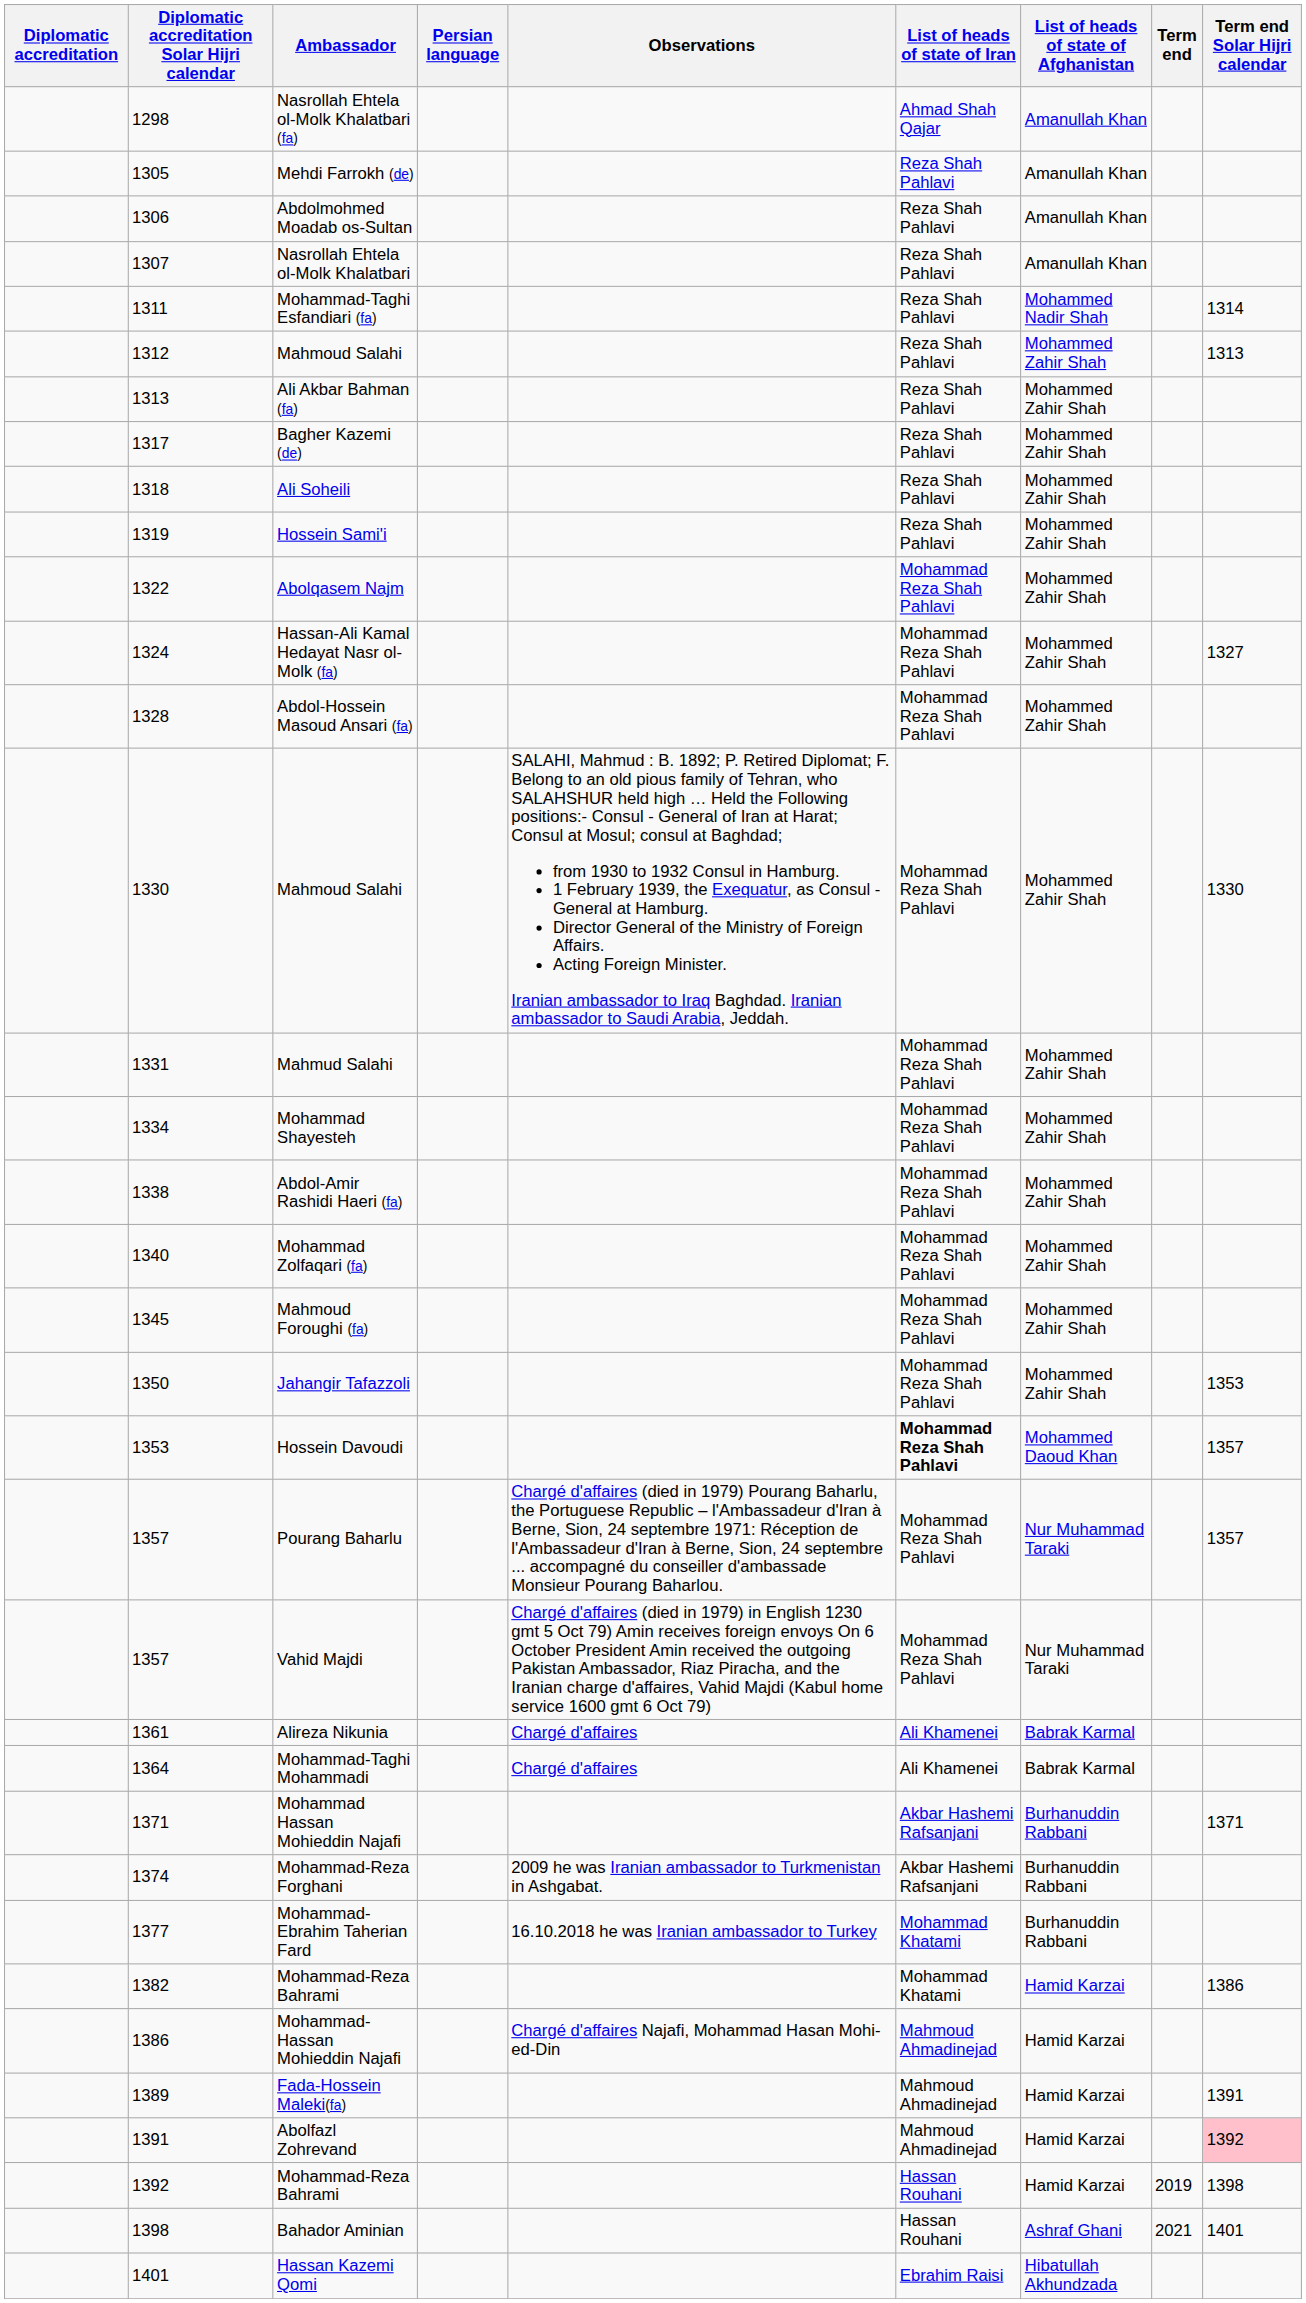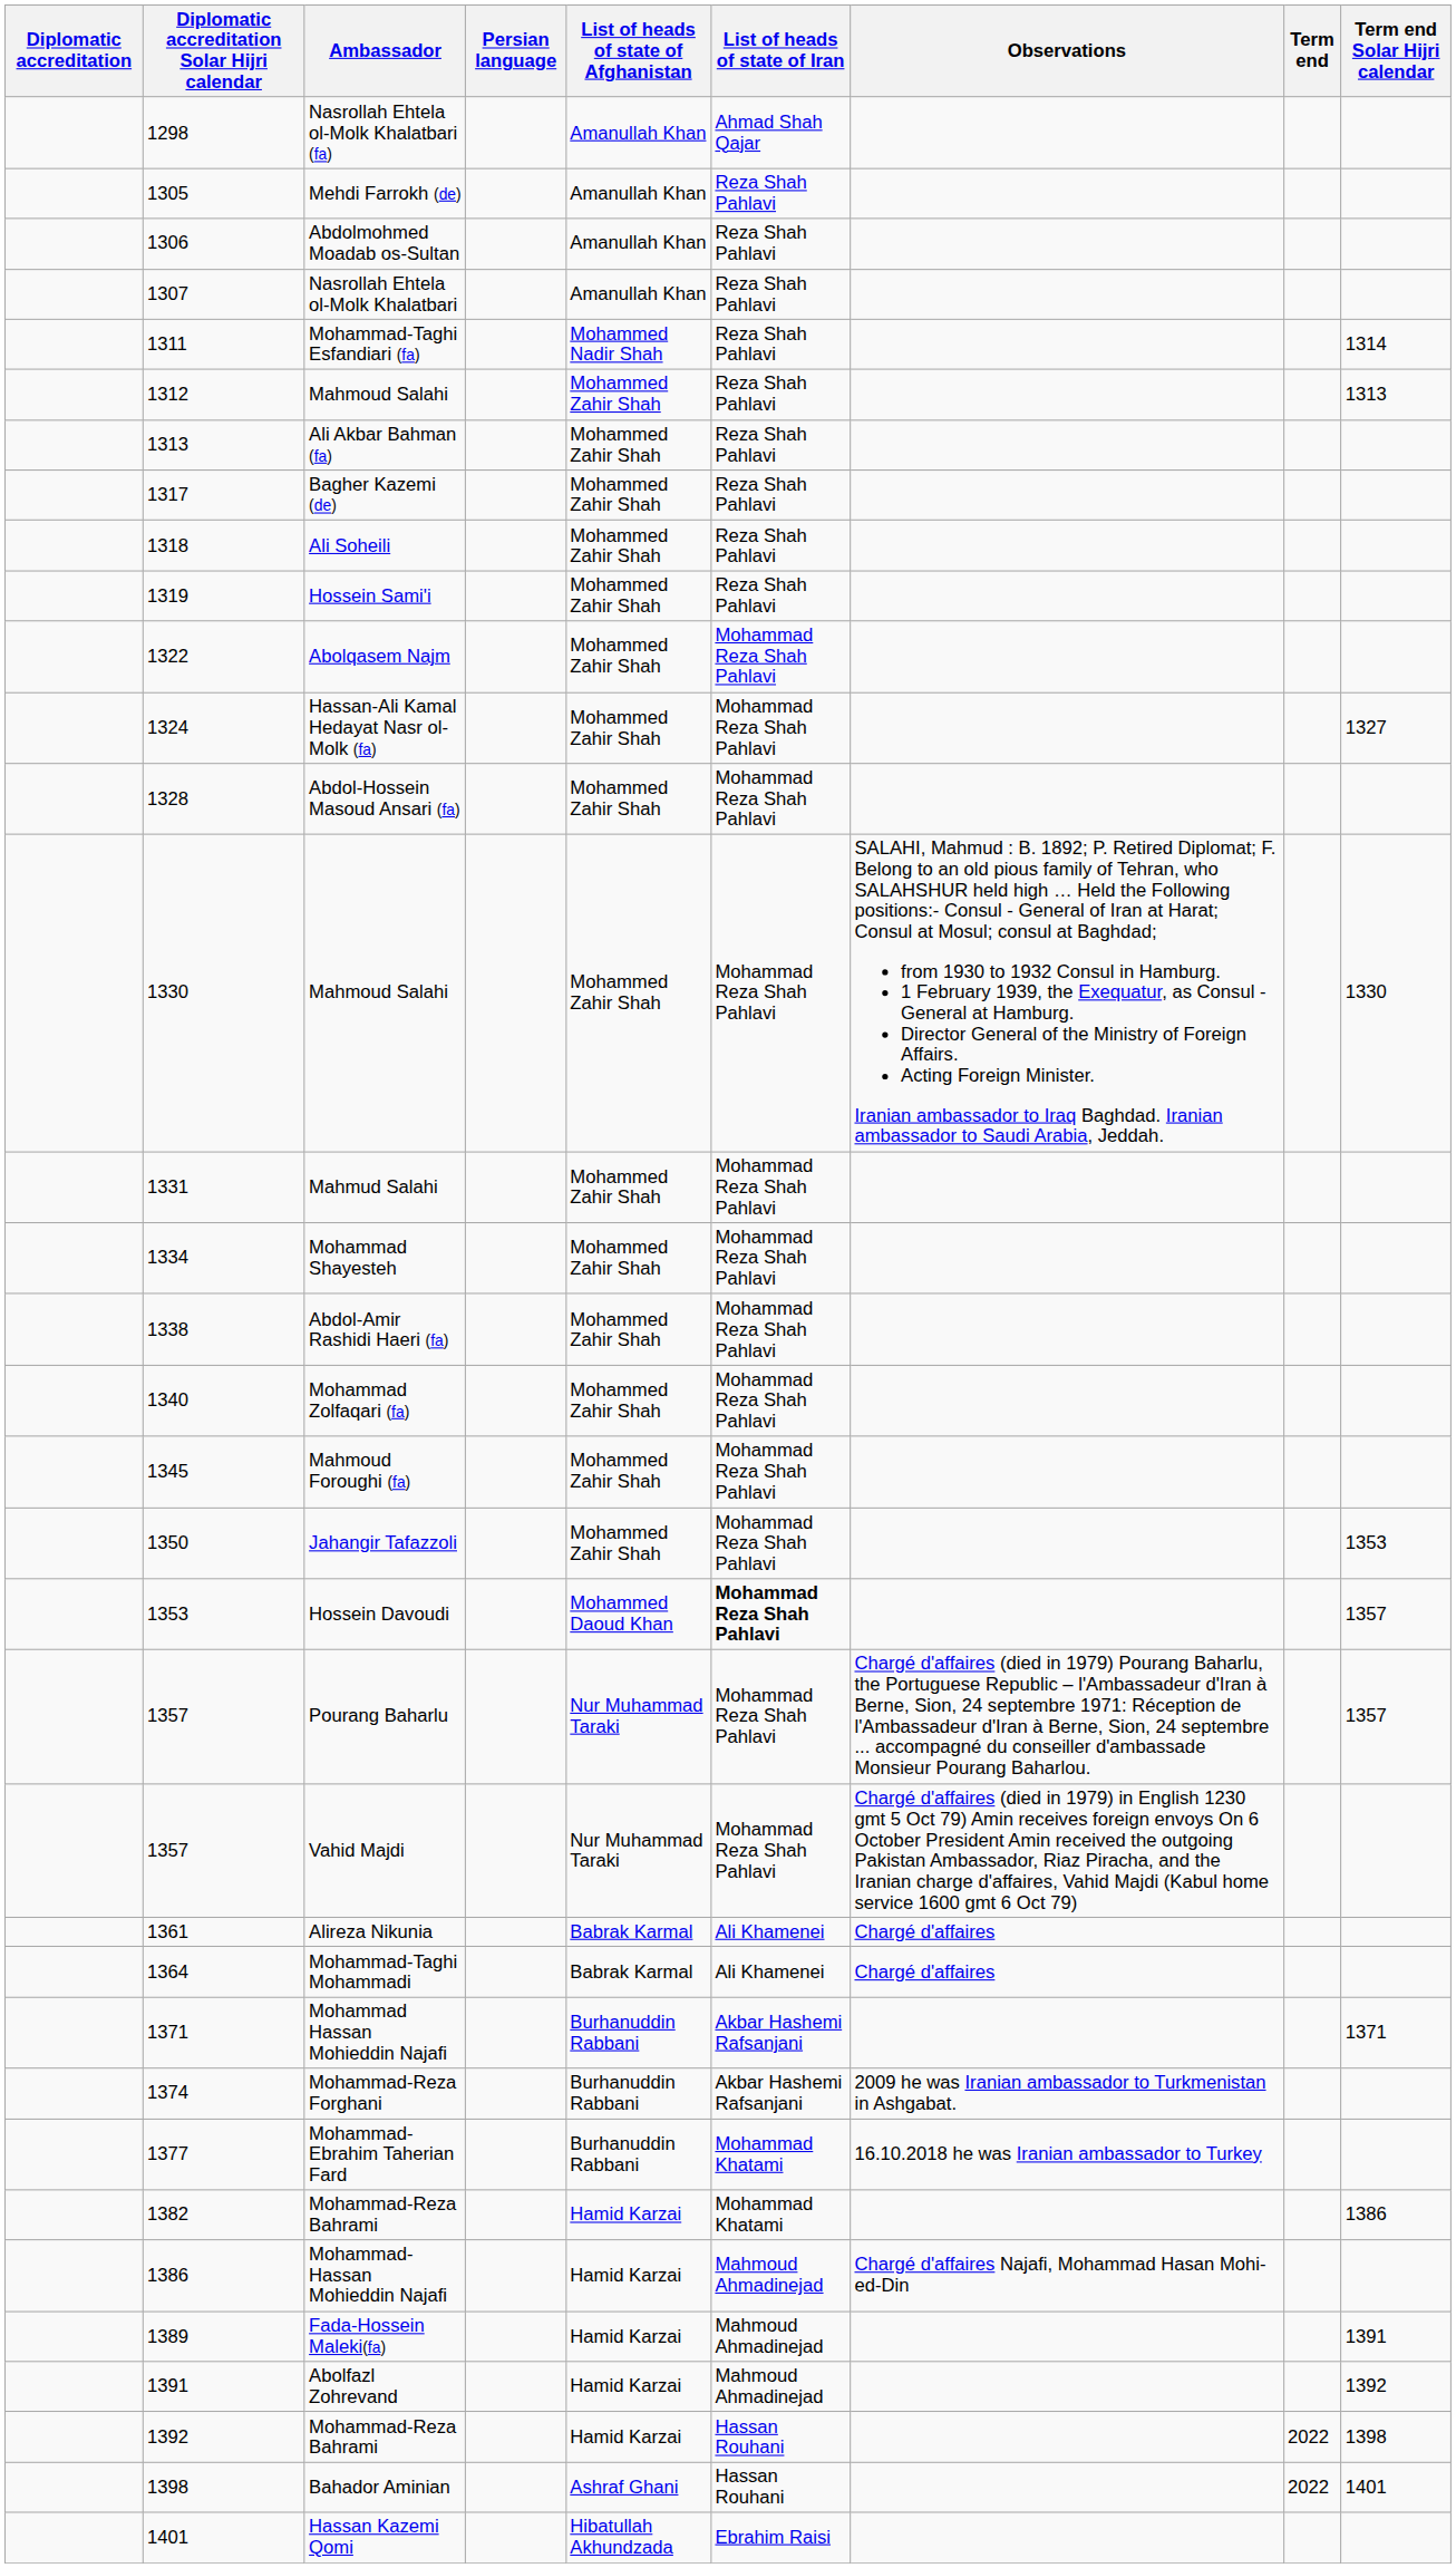 <table class="wikitable sortable">
 <tr>
 <th><a href='#'>Diplomatic accreditation</a></th>
 <th><a href='#'>Diplomatic accreditation</a> <a href='#'>Solar Hijri calendar</a></th>
 <th><a href='#'>Ambassador</a></th>
 <th><a href='#'>Persian language</a></th>
+<th><a href='#'>List of heads of state of Afghanistan</a></th>
+<th><a href='#'>List of heads of state of Iran</a></th>
 <th>Observations</th>
-<th><a href='#'>List of heads of state of Iran</a></th>
-<th><a href='#'>List of heads of state of Afghanistan</a></th>
 <th>Term end</th>
 <th>Term end <a href='#'>Solar Hijri calendar</a></th>
 </tr>
 <tr>
 <td></td>
 <td>1298</td>
 <td>Nasrollah Ehtela ol-Molk Khalatbari <small>(<a href='#'>fa</a>)</small></td>
 <td></td>
+<td><a href='#'>Amanullah Khan</a></td>
+<td><a href='#'>Ahmad Shah Qajar</a></td>
 <td></td>
-<td><a href='#'>Ahmad Shah Qajar</a></td>
-<td><a href='#'>Amanullah Khan</a></td>
 <td></td>
 <td></td>
 </tr>
 <tr>
 <td></td>
 <td>1305</td>
 <td>Mehdi Farrokh <small>(<a href='#'>de</a>)</small></td>
 <td></td>
+<td>Amanullah Khan</td>
+<td><a href='#'>Reza Shah Pahlavi</a></td>
 <td></td>
-<td><a href='#'>Reza Shah Pahlavi</a></td>
-<td>Amanullah Khan</td>
 <td></td>
 <td></td>
 </tr>
 <tr>
 <td></td>
 <td>1306</td>
 <td>Abdolmohmed Moadab os-Sultan</td>
 <td></td>
+<td>Amanullah Khan</td>
+<td>Reza Shah Pahlavi</td>
 <td></td>
-<td>Reza Shah Pahlavi</td>
-<td>Amanullah Khan</td>
 <td></td>
 <td></td>
 </tr>
 <tr>
 <td></td>
 <td>1307</td>
 <td>Nasrollah Ehtela ol-Molk Khalatbari</td>
 <td></td>
+<td>Amanullah Khan</td>
+<td>Reza Shah Pahlavi</td>
 <td></td>
-<td>Reza Shah Pahlavi</td>
-<td>Amanullah Khan</td>
 <td></td>
 <td></td>
 </tr>
 <tr>
 <td></td>
 <td>1311</td>
 <td>Mohammad-Taghi Esfandiari <small>(<a href='#'>fa</a>)</small></td>
 <td></td>
+<td><a href='#'>Mohammed Nadir Shah</a></td>
+<td>Reza Shah Pahlavi</td>
 <td></td>
-<td>Reza Shah Pahlavi</td>
-<td><a href='#'>Mohammed Nadir Shah</a></td>
 <td></td>
 <td>1314</td>
 </tr>
 <tr>
 <td></td>
 <td>1312</td>
 <td>Mahmoud Salahi</td>
 <td></td>
+<td><a href='#'>Mohammed Zahir Shah</a></td>
+<td>Reza Shah Pahlavi</td>
 <td></td>
-<td>Reza Shah Pahlavi</td>
-<td><a href='#'>Mohammed Zahir Shah</a></td>
 <td></td>
 <td>1313</td>
 </tr>
 <tr>
 <td></td>
 <td>1313</td>
 <td>Ali Akbar Bahman <small>(<a href='#'>fa</a>)</small></td>
 <td></td>
+<td>Mohammed Zahir Shah</td>
+<td>Reza Shah Pahlavi</td>
 <td></td>
-<td>Reza Shah Pahlavi</td>
-<td>Mohammed Zahir Shah</td>
 <td></td>
 <td></td>
 </tr>
 <tr>
 <td></td>
 <td>1317</td>
 <td>Bagher Kazemi <small>(<a href='#'>de</a>)</small></td>
 <td></td>
+<td>Mohammed Zahir Shah</td>
+<td>Reza Shah Pahlavi</td>
 <td></td>
-<td>Reza Shah Pahlavi</td>
-<td>Mohammed Zahir Shah</td>
 <td></td>
 <td></td>
 </tr>
 <tr>
 <td></td>
 <td>1318</td>
 <td><a href='#'>Ali Soheili</a></td>
 <td></td>
+<td>Mohammed Zahir Shah</td>
+<td>Reza Shah Pahlavi</td>
 <td></td>
-<td>Reza Shah Pahlavi</td>
-<td>Mohammed Zahir Shah</td>
 <td></td>
 <td></td>
 </tr>
 <tr>
 <td></td>
 <td>1319</td>
 <td><a href='#'>Hossein Sami'i</a></td>
 <td></td>
+<td>Mohammed Zahir Shah</td>
+<td>Reza Shah Pahlavi</td>
 <td></td>
-<td>Reza Shah Pahlavi</td>
-<td>Mohammed Zahir Shah</td>
 <td></td>
 <td></td>
 </tr>
 <tr>
 <td></td>
 <td>1322</td>
 <td><a href='#'>Abolqasem Najm</a></td>
 <td></td>
+<td>Mohammed Zahir Shah</td>
+<td><a href='#'>Mohammad Reza Shah Pahlavi</a></td>
 <td></td>
-<td><a href='#'>Mohammad Reza Shah Pahlavi</a></td>
-<td>Mohammed Zahir Shah</td>
 <td></td>
 <td></td>
 </tr>
 <tr>
 <td></td>
 <td>1324</td>
 <td>Hassan-Ali Kamal Hedayat Nasr ol-Molk <small>(<a href='#'>fa</a>)</small></td>
 <td></td>
+<td>Mohammed Zahir Shah</td>
+<td>Mohammad Reza Shah Pahlavi</td>
 <td></td>
-<td>Mohammad Reza Shah Pahlavi</td>
-<td>Mohammed Zahir Shah</td>
 <td></td>
 <td>1327</td>
 </tr>
 <tr>
 <td></td>
 <td>1328</td>
 <td>Abdol-Hossein Masoud Ansari <small>(<a href='#'>fa</a>)</small></td>
 <td></td>
+<td>Mohammed Zahir Shah</td>
+<td>Mohammad Reza Shah Pahlavi</td>
 <td></td>
-<td>Mohammad Reza Shah Pahlavi</td>
-<td>Mohammed Zahir Shah</td>
 <td></td>
 <td></td>
 </tr>
 <tr>
 <td></td>
 <td>1330</td>
 <td>Mahmoud Salahi</td>
 <td></td>
+<td>Mohammed Zahir Shah</td>
+<td>Mohammad Reza Shah Pahlavi</td>
 <td>SALAHI, Mahmud : B. 1892; P. Retired Diplomat; F. Belong to an old pious family of Tehran, who SALAHSHUR held high … Held the Following positions:- Consul - General of Iran at Harat; Consul at Mosul; consul at Baghdad;<br><ul><li>from 1930 to 1932 Consul in Hamburg.</li><li>1 February 1939, the <a href='#'>Exequatur</a>,  as Consul - General at Hamburg.</li><li>Director General of the Ministry of Foreign Affairs.</li><li>Acting Foreign Minister.</li></ul><a href='#'>Iranian ambassador to Iraq</a> Baghdad. <a href='#'>Iranian ambassador to Saudi Arabia</a>, Jeddah.</td>
-<td>Mohammad Reza Shah Pahlavi</td>
-<td>Mohammed Zahir Shah</td>
 <td></td>
 <td>1330</td>
 </tr>
 <tr>
 <td></td>
 <td>1331</td>
 <td>Mahmud Salahi</td>
 <td></td>
+<td>Mohammed Zahir Shah</td>
+<td>Mohammad Reza Shah Pahlavi</td>
 <td></td>
-<td>Mohammad Reza Shah Pahlavi</td>
-<td>Mohammed Zahir Shah</td>
 <td></td>
 <td></td>
 </tr>
 <tr>
 <td></td>
 <td>1334</td>
 <td>Mohammad Shayesteh</td>
 <td></td>
+<td>Mohammed Zahir Shah</td>
+<td>Mohammad Reza Shah Pahlavi</td>
 <td></td>
-<td>Mohammad Reza Shah Pahlavi</td>
-<td>Mohammed Zahir Shah</td>
 <td></td>
 <td></td>
 </tr>
 <tr>
 <td></td>
 <td>1338</td>
 <td>Abdol-Amir Rashidi Haeri <small>(<a href='#'>fa</a>)</small></td>
 <td></td>
+<td>Mohammed Zahir Shah</td>
+<td>Mohammad Reza Shah Pahlavi</td>
 <td></td>
-<td>Mohammad Reza Shah Pahlavi</td>
-<td>Mohammed Zahir Shah</td>
 <td></td>
 <td></td>
 </tr>
 <tr>
 <td></td>
 <td>1340</td>
 <td>Mohammad Zolfaqari <small>(<a href='#'>fa</a>)</small></td>
 <td></td>
+<td>Mohammed Zahir Shah</td>
+<td>Mohammad Reza Shah Pahlavi</td>
 <td></td>
-<td>Mohammad Reza Shah Pahlavi</td>
-<td>Mohammed Zahir Shah</td>
 <td></td>
 <td></td>
 </tr>
 <tr>
 <td></td>
 <td>1345</td>
 <td>Mahmoud Foroughi <small>(<a href='#'>fa</a>)</small></td>
 <td></td>
+<td>Mohammed Zahir Shah</td>
+<td>Mohammad Reza Shah Pahlavi</td>
 <td></td>
-<td>Mohammad Reza Shah Pahlavi</td>
-<td>Mohammed Zahir Shah</td>
 <td></td>
 <td></td>
 </tr>
 <tr>
 <td></td>
 <td>1350</td>
 <td><a href='#'>Jahangir Tafazzoli</a></td>
 <td></td>
+<td>Mohammed Zahir Shah</td>
+<td>Mohammad Reza Shah Pahlavi</td>
 <td></td>
-<td>Mohammad Reza Shah Pahlavi</td>
-<td>Mohammed Zahir Shah</td>
 <td></td>
 <td>1353</td>
 </tr>
 <tr>
 <td></td>
 <td>1353</td>
 <td>Hossein Davoudi</td>
 <td></td>
+<td><a href='#'>Mohammed Daoud Khan</a></td>
+<td><strong>Mohammad Reza Shah Pahlavi</strong></td>
 <td></td>
-<td><strong>Mohammad Reza Shah Pahlavi</strong></td>
-<td><a href='#'>Mohammed Daoud Khan</a></td>
 <td></td>
 <td>1357</td>
 </tr>
 <tr>
 <td></td>
 <td>1357</td>
 <td>Pourang Baharlu</td>
 <td></td>
+<td><a href='#'>Nur Muhammad Taraki</a></td>
+<td>Mohammad Reza Shah Pahlavi</td>
 <td><a href='#'>Chargé d'affaires</a>  (died in 1979) Pourang Baharlu, the Portuguese Republic –  l'Ambassadeur d'Iran à Berne, Sion, 24 septembre 1971: Réception de l'Ambassadeur d'Iran à Berne, Sion, 24 septembre ... accompagné du conseiller d'ambassade Monsieur Pourang Baharlou.</td>
-<td>Mohammad Reza Shah Pahlavi</td>
-<td><a href='#'>Nur Muhammad Taraki</a></td>
 <td></td>
 <td>1357</td>
 </tr>
 <tr>
 <td></td>
 <td>1357</td>
 <td>Vahid Majdi</td>
 <td></td>
+<td>Nur Muhammad Taraki</td>
+<td>Mohammad Reza Shah Pahlavi</td>
 <td><a href='#'>Chargé d'affaires</a>  (died in 1979) in English 1230 gmt 5 Oct 79) Amin receives foreign envoys On 6 October President Amin received the outgoing Pakistan Ambassador, Riaz Piracha, and the Iranian charge d'affaires, Vahid Majdi (Kabul home service 1600 gmt 6 Oct 79)</td>
-<td>Mohammad Reza Shah Pahlavi</td>
-<td>Nur Muhammad Taraki</td>
 <td></td>
 <td></td>
 </tr>
 <tr>
 <td></td>
 <td>1361</td>
 <td>Alireza Nikunia</td>
 <td></td>
+<td><a href='#'>Babrak Karmal</a></td>
+<td><a href='#'>Ali Khamenei</a></td>
 <td><a href='#'>Chargé d'affaires</a></td>
-<td><a href='#'>Ali Khamenei</a></td>
-<td><a href='#'>Babrak Karmal</a></td>
 <td></td>
 <td></td>
 </tr>
 <tr>
 <td></td>
 <td>1364</td>
 <td>Mohammad-Taghi Mohammadi</td>
 <td></td>
+<td>Babrak Karmal</td>
+<td>Ali Khamenei</td>
 <td><a href='#'>Chargé d'affaires</a></td>
-<td>Ali Khamenei</td>
-<td>Babrak Karmal</td>
 <td></td>
 <td></td>
 </tr>
 <tr>
 <td></td>
 <td>1371</td>
 <td>Mohammad Hassan Mohieddin Najafi</td>
 <td></td>
+<td><a href='#'>Burhanuddin Rabbani</a></td>
+<td><a href='#'>Akbar Hashemi Rafsanjani</a></td>
 <td></td>
-<td><a href='#'>Akbar Hashemi Rafsanjani</a></td>
-<td><a href='#'>Burhanuddin Rabbani</a></td>
 <td></td>
 <td>1371</td>
 </tr>
 <tr>
 <td></td>
 <td>1374</td>
 <td>Mohammad-Reza Forghani</td>
 <td></td>
+<td>Burhanuddin Rabbani</td>
+<td>Akbar Hashemi Rafsanjani</td>
 <td>2009 he was <a href='#'>Iranian ambassador to Turkmenistan</a> in Ashgabat.</td>
-<td>Akbar Hashemi Rafsanjani</td>
-<td>Burhanuddin Rabbani</td>
 <td></td>
 <td></td>
 </tr>
 <tr>
 <td></td>
 <td>1377</td>
 <td>Mohammad-Ebrahim Taherian Fard</td>
 <td></td>
+<td>Burhanuddin Rabbani</td>
+<td><a href='#'>Mohammad Khatami</a></td>
 <td>16.10.2018 he was <a href='#'>Iranian ambassador to Turkey</a></td>
-<td><a href='#'>Mohammad Khatami</a></td>
-<td>Burhanuddin Rabbani</td>
 <td></td>
 <td></td>
 </tr>
 <tr>
 <td></td>
 <td>1382</td>
 <td>Mohammad-Reza Bahrami</td>
 <td></td>
+<td><a href='#'>Hamid Karzai</a></td>
+<td>Mohammad Khatami</td>
 <td></td>
-<td>Mohammad Khatami</td>
-<td><a href='#'>Hamid Karzai</a></td>
 <td></td>
 <td>1386</td>
 </tr>
 <tr>
 <td></td>
 <td>1386</td>
 <td>Mohammad-Hassan Mohieddin Najafi</td>
 <td></td>
+<td>Hamid Karzai</td>
+<td><a href='#'>Mahmoud Ahmadinejad</a></td>
 <td><a href='#'>Chargé d'affaires</a> Najafi, Mohammad Hasan Mohi-ed-Din</td>
-<td><a href='#'>Mahmoud Ahmadinejad</a></td>
-<td>Hamid Karzai</td>
 <td></td>
 <td></td>
 </tr>
 <tr>
 <td></td>
 <td>1389</td>
 <td><a href='#'>Fada-Hossein Maleki</a><small>(<a href='#'>fa</a>)</small></td>
 <td></td>
+<td>Hamid Karzai</td>
+<td>Mahmoud Ahmadinejad</td>
 <td></td>
-<td>Mahmoud Ahmadinejad</td>
-<td>Hamid Karzai</td>
 <td></td>
 <td>1391</td>
 </tr>
 <tr>
 <td></td>
 <td>1391</td>
 <td>Abolfazl Zohrevand</td>
 <td></td>
+<td>Hamid Karzai</td>
+<td>Mahmoud Ahmadinejad</td>
 <td></td>
-<td>Mahmoud Ahmadinejad</td>
-<td>Hamid Karzai</td>
 <td></td>
-<td style="background: pink;">1392</td>
+<td>1392</td>
 </tr>
 <tr>
 <td></td>
 <td>1392</td>
 <td>Mohammad-Reza Bahrami</td>
 <td></td>
+<td>Hamid Karzai</td>
+<td><a href='#'>Hassan Rouhani</a></td>
 <td></td>
-<td><a href='#'>Hassan Rouhani</a></td>
-<td>Hamid Karzai</td>
-<td>2019</td>
+<td>2022</td>
 <td>1398</td>
 </tr>
 <tr>
 <td></td>
 <td>1398</td>
 <td>Bahador Aminian</td>
 <td></td>
+<td><a href='#'>Ashraf Ghani</a></td>
+<td>Hassan Rouhani</td>
 <td></td>
-<td>Hassan Rouhani</td>
-<td><a href='#'>Ashraf Ghani</a></td>
-<td>2021</td>
+<td>2022</td>
 <td>1401</td>
 </tr>
 <tr>
 <td></td>
 <td>1401</td>
 <td><a href='#'>Hassan Kazemi Qomi</a></td>
 <td></td>
+<td><a href='#'>Hibatullah Akhundzada</a></td>
+<td><a href='#'>Ebrahim Raisi</a></td>
 <td></td>
-<td><a href='#'>Ebrahim Raisi</a></td>
-<td><a href='#'>Hibatullah Akhundzada</a></td>
 <td></td>
 <td></td>
 </tr>
 </table>
